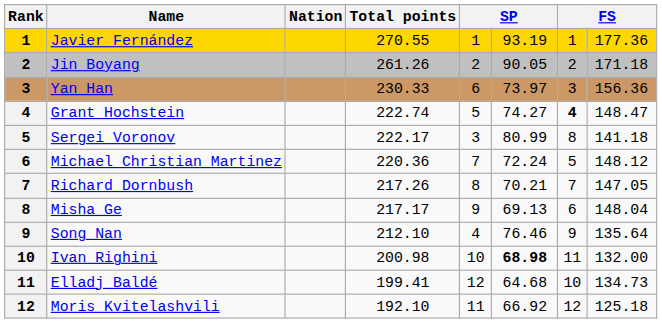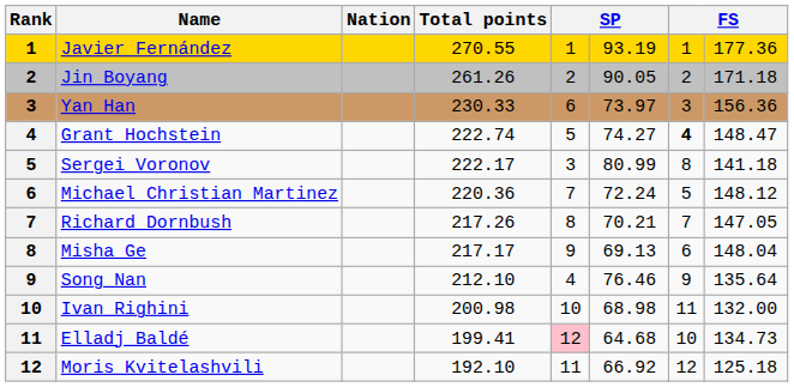 <table class="wikitable sortable">
 <tr>
 <th>Rank</th>
 <th>Name</th>
 <th>Nation</th>
 <th>Total points</th>
 <th colspan="2" width="80px"><a href='#'>SP</a></th>
 <th colspan="2" width="80px"><a href='#'>FS</a></th>
 </tr>
 <tr bgcolor="gold">
 <td align="center"><strong>1</strong></td>
 <td><a href='#'>Javier Fernández</a></td>
 <td></td>
 <td align="center">270.55</td>
 <td align="center">1</td>
 <td align="center">93.19</td>
 <td align="center">1</td>
 <td align="center">177.36</td>
 </tr>
 <tr bgcolor="silver">
 <td align="center"><strong>2</strong></td>
 <td><a href='#'>Jin Boyang</a></td>
 <td></td>
 <td align="center">261.26</td>
 <td align="center">2</td>
 <td align="center">90.05</td>
 <td align="center">2</td>
 <td align="center">171.18</td>
 </tr>
 <tr bgcolor="cc9966">
 <td align="center"><strong>3</strong></td>
 <td><a href='#'>Yan Han</a></td>
 <td></td>
 <td align="center">230.33</td>
 <td align="center">6</td>
 <td align="center">73.97</td>
 <td align="center">3</td>
 <td align="center">156.36</td>
 </tr>
 <tr>
 <th>4</th>
 <td><a href='#'>Grant Hochstein</a></td>
 <td></td>
 <td align="center">222.74</td>
 <td align="center">5</td>
 <td align="center">74.27</td>
 <td align="center"><strong>4</strong></td>
 <td align="center">148.47</td>
 </tr>
 <tr>
 <th>5</th>
 <td><a href='#'>Sergei Voronov</a></td>
 <td></td>
 <td align="center">222.17</td>
 <td align="center">3</td>
 <td align="center">80.99</td>
 <td align="center">8</td>
 <td align="center">141.18</td>
 </tr>
 <tr>
 <th>6</th>
 <td><a href='#'>Michael Christian Martinez</a></td>
 <td></td>
 <td align="center">220.36</td>
 <td align="center">7</td>
 <td align="center">72.24</td>
 <td align="center">5</td>
 <td align="center">148.12</td>
 </tr>
 <tr>
 <th>7</th>
 <td><a href='#'>Richard Dornbush</a></td>
 <td></td>
 <td align="center">217.26</td>
 <td align="center">8</td>
 <td align="center">70.21</td>
 <td align="center">7</td>
 <td align="center">147.05</td>
 </tr>
 <tr>
 <th>8</th>
 <td><a href='#'>Misha Ge</a></td>
 <td></td>
 <td align="center">217.17</td>
 <td align="center">9</td>
 <td align="center">69.13</td>
 <td align="center">6</td>
 <td align="center">148.04</td>
 </tr>
 <tr>
 <th>9</th>
 <td><a href='#'>Song Nan</a></td>
 <td></td>
 <td align="center">212.10</td>
 <td align="center">4</td>
 <td align="center">76.46</td>
 <td align="center">9</td>
 <td align="center">135.64</td>
 </tr>
 <tr>
 <th>10</th>
 <td><a href='#'>Ivan Righini</a></td>
 <td></td>
 <td align="center">200.98</td>
 <td align="center">10</td>
-<td align="center"><strong>68.98</strong></td>
+<td align="center">68.98</td>
 <td align="center">11</td>
 <td align="center">132.00</td>
 </tr>
 <tr>
 <th>11</th>
 <td><a href='#'>Elladj Baldé</a></td>
 <td></td>
 <td align="center">199.41</td>
-<td align="center">12</td>
+<td align="center" style="background: pink;">12</td>
 <td align="center">64.68</td>
 <td align="center">10</td>
 <td align="center">134.73</td>
 </tr>
 <tr>
 <th>12</th>
 <td><a href='#'>Moris Kvitelashvili</a></td>
 <td></td>
 <td align="center">192.10</td>
 <td align="center">11</td>
 <td align="center">66.92</td>
 <td align="center">12</td>
 <td align="center">125.18</td>
 </tr>
 </table>
